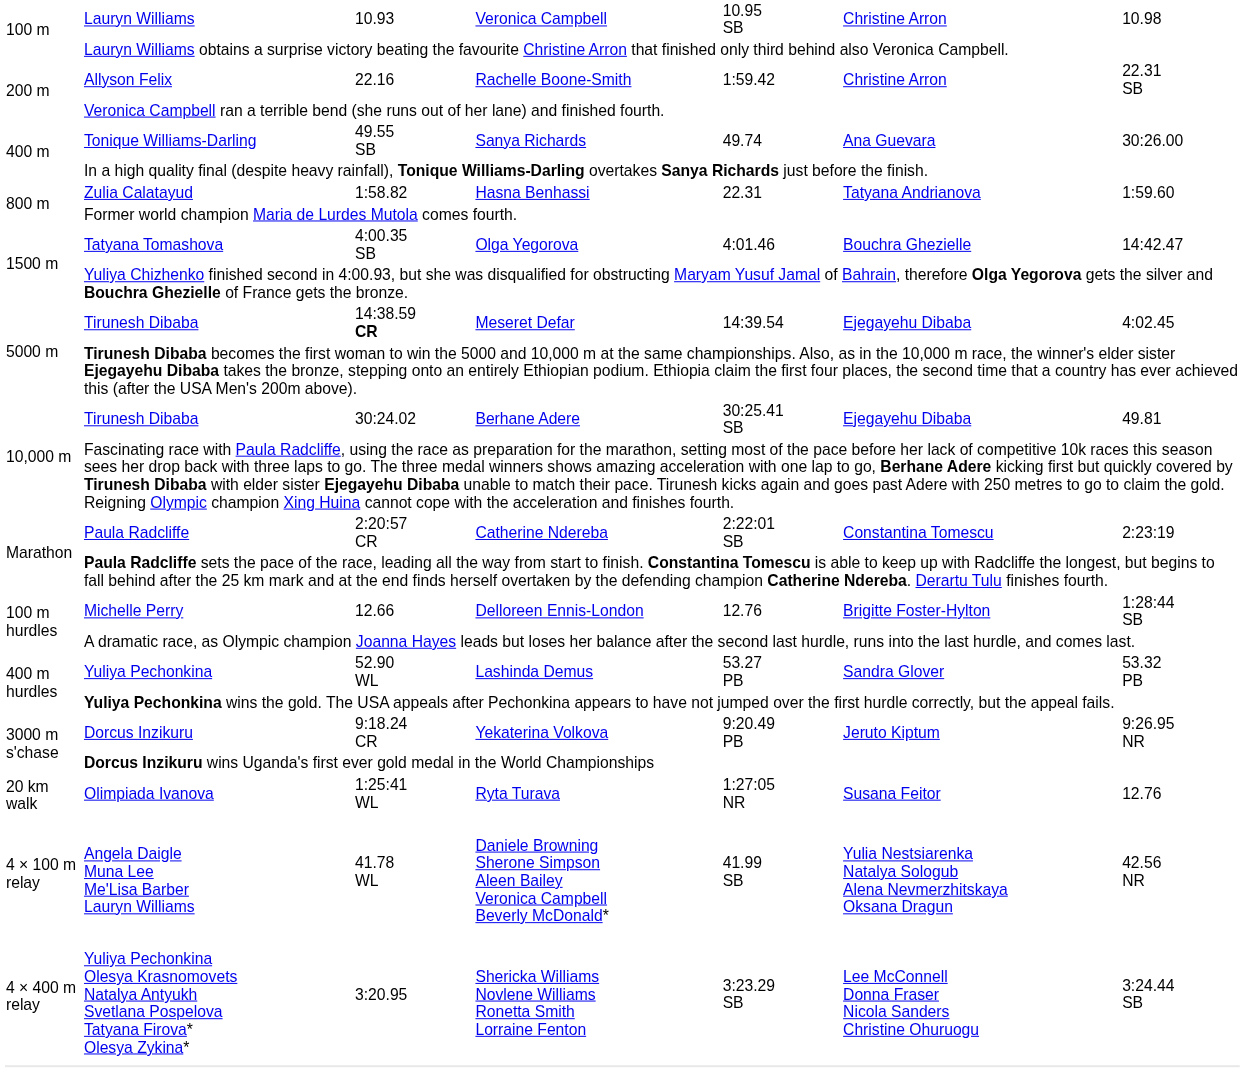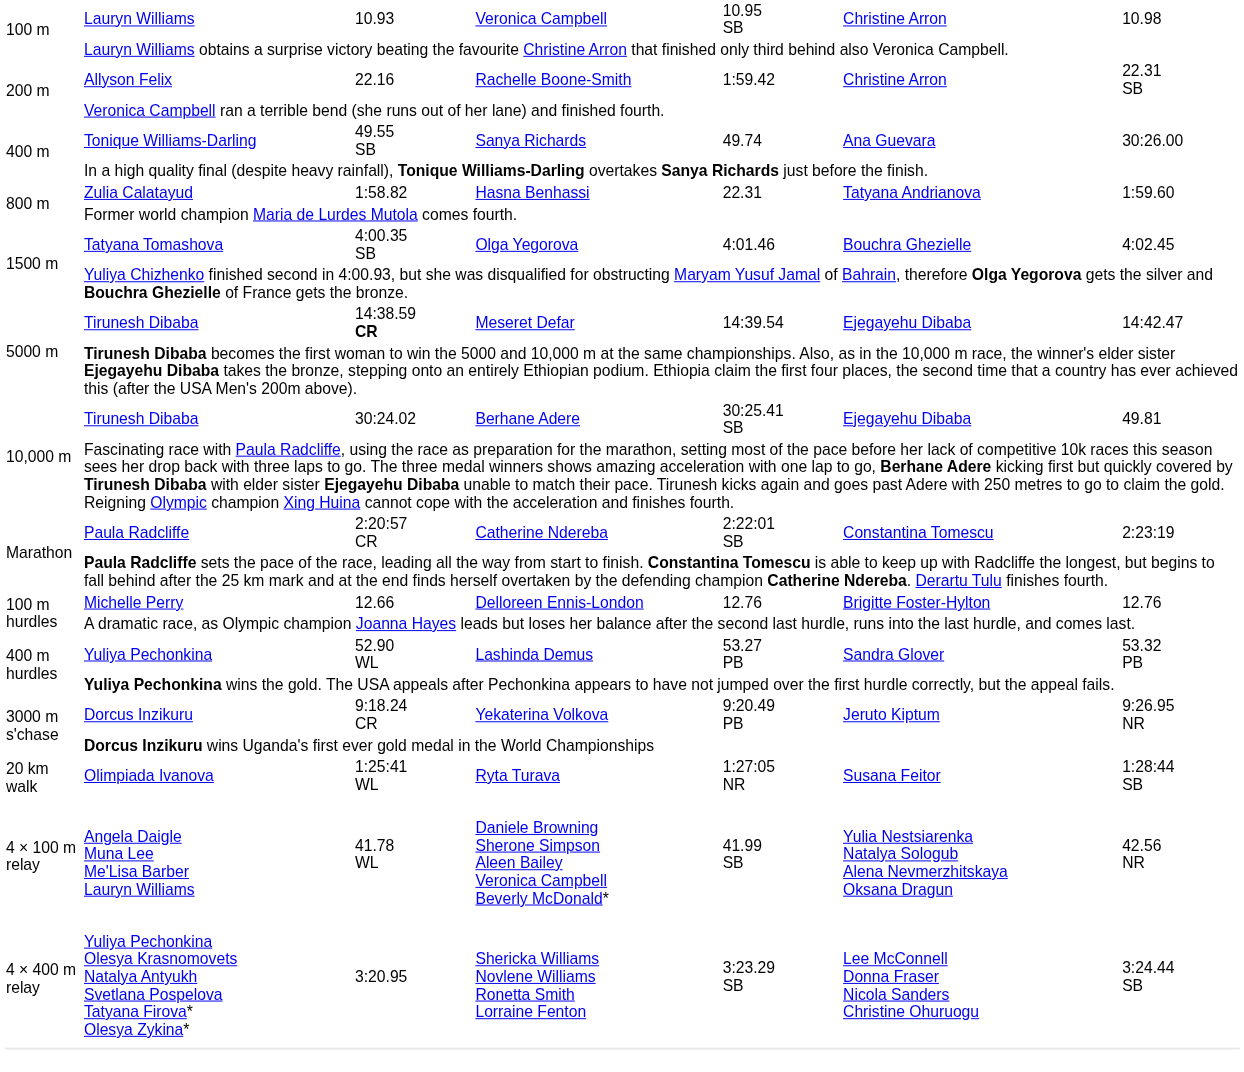 <table>
 <tr>
 <td rowspan=2>100 m<br></td>
 <td><a href='#'>Lauryn Williams</a><br></td>
 <td>10.93</td>
 <td><a href='#'>Veronica Campbell</a><br></td>
 <td>10.95<br>SB</td>
 <td><a href='#'>Christine Arron</a><br></td>
 <td>10.98</td>
 </tr>
 <tr>
 <td colspan=6><a href='#'>Lauryn Williams</a> obtains a surprise victory beating the favourite <a href='#'>Christine Arron</a> that finished only third behind also Veronica Campbell.</td>
 </tr>
 <tr>
 <td rowspan=2>200 m<br></td>
 <td><a href='#'>Allyson Felix</a><br></td>
 <td>22.16</td>
 <td><a href='#'>Rachelle Boone-Smith</a><br></td>
 <td>1:59.42</td>
 <td><a href='#'>Christine Arron</a><br></td>
 <td>22.31<br>SB</td>
 </tr>
 <tr>
 <td colspan=6><a href='#'>Veronica Campbell</a> ran a terrible bend (she runs out of her lane) and finished fourth.</td>
 </tr>
 <tr>
 <td rowspan=2>400 m<br></td>
 <td><a href='#'>Tonique Williams-Darling</a><br></td>
 <td>49.55<br>SB</td>
 <td><a href='#'>Sanya Richards</a><br></td>
 <td>49.74</td>
 <td><a href='#'>Ana Guevara</a><br></td>
 <td>30:26.00</td>
 </tr>
 <tr>
 <td colspan=6>In a high quality final (despite heavy rainfall), <strong>Tonique Williams-Darling</strong> overtakes <strong>Sanya Richards</strong> just before the finish.</td>
 </tr>
 <tr>
 <td rowspan=2>800 m<br></td>
 <td><a href='#'>Zulia Calatayud</a><br></td>
 <td>1:58.82</td>
 <td><a href='#'>Hasna Benhassi</a><br></td>
 <td>22.31</td>
 <td><a href='#'>Tatyana Andrianova</a><br></td>
 <td>1:59.60</td>
 </tr>
 <tr>
 <td colspan=6>Former world champion <a href='#'>Maria de Lurdes Mutola</a> comes fourth.</td>
 </tr>
 <tr>
 <td rowspan=2>1500 m<br></td>
 <td><a href='#'>Tatyana Tomashova</a><br></td>
 <td>4:00.35<br>SB</td>
 <td><a href='#'>Olga Yegorova</a><br></td>
 <td>4:01.46</td>
 <td><a href='#'>Bouchra Ghezielle</a><br></td>
-<td>14:42.47</td>
+<td>4:02.45</td>
 </tr>
 <tr>
 <td colspan=6><a href='#'>Yuliya Chizhenko</a> finished second in 4:00.93, but she was disqualified for obstructing <a href='#'>Maryam Yusuf Jamal</a> of <a href='#'>Bahrain</a>, therefore <strong>Olga Yegorova</strong> gets the silver and <strong>Bouchra Ghezielle</strong> of France gets the bronze.</td>
 </tr>
 <tr>
 <td rowspan=2>5000 m<br></td>
 <td><a href='#'>Tirunesh Dibaba</a><br></td>
 <td>14:38.59<br><strong>CR</strong></td>
 <td><a href='#'>Meseret Defar</a><br></td>
 <td>14:39.54</td>
 <td><a href='#'>Ejegayehu Dibaba</a><br></td>
-<td>4:02.45</td>
+<td>14:42.47</td>
 </tr>
 <tr>
 <td colspan=6><strong>Tirunesh Dibaba</strong> becomes the first woman to win the 5000 and 10,000 m at the same championships. Also, as in the 10,000 m race, the winner's elder sister <strong>Ejegayehu Dibaba</strong> takes the bronze, stepping onto an entirely Ethiopian podium. Ethiopia claim the first four places, the second time that a country has ever achieved this (after the USA Men's 200m above).</td>
 </tr>
 <tr>
 <td rowspan=2>10,000 m<br></td>
 <td><a href='#'>Tirunesh Dibaba</a><br></td>
 <td>30:24.02</td>
 <td><a href='#'>Berhane Adere</a><br></td>
 <td>30:25.41<br>SB</td>
 <td><a href='#'>Ejegayehu Dibaba</a><br></td>
 <td>49.81</td>
 </tr>
 <tr>
 <td colspan=6>Fascinating race with <a href='#'>Paula Radcliffe</a>, using the race as preparation for the marathon, setting most of the pace before her lack of competitive 10k races this season sees her drop back with three laps to go. The three medal winners shows amazing acceleration with one lap to go, <strong>Berhane Adere</strong> kicking first but quickly covered by <strong>Tirunesh Dibaba</strong> with elder sister <strong>Ejegayehu Dibaba</strong> unable to match their pace. Tirunesh kicks again and goes past Adere with 250 metres to go to claim the gold. Reigning <a href='#'>Olympic</a> champion <a href='#'>Xing Huina</a> cannot cope with the acceleration and finishes fourth.</td>
 </tr>
 <tr>
 <td rowspan=2>Marathon<br></td>
 <td><a href='#'>Paula Radcliffe</a><br></td>
 <td>2:20:57<br>CR</td>
 <td><a href='#'>Catherine Ndereba</a><br></td>
 <td>2:22:01<br>SB</td>
 <td><a href='#'>Constantina Tomescu</a><br></td>
 <td>2:23:19</td>
 </tr>
 <tr>
 <td colspan=6><strong>Paula Radcliffe</strong> sets the pace of the race, leading all the way from start to finish. <strong>Constantina Tomescu</strong> is able to keep up with Radcliffe the longest, but begins to fall behind after the 25 km mark and at the end finds herself overtaken by the defending champion <strong>Catherine Ndereba</strong>. <a href='#'>Derartu Tulu</a> finishes fourth.</td>
 </tr>
 <tr>
 <td rowspan=2>100 m hurdles<br></td>
 <td><a href='#'>Michelle Perry</a><br></td>
 <td>12.66</td>
 <td><a href='#'>Delloreen Ennis-London</a><br></td>
 <td>12.76</td>
 <td><a href='#'>Brigitte Foster-Hylton</a><br></td>
-<td>1:28:44<br>SB</td>
+<td>12.76</td>
 </tr>
 <tr>
 <td colspan=6>A dramatic race, as Olympic champion <a href='#'>Joanna Hayes</a> leads but loses her balance after the second last hurdle, runs into the last hurdle, and comes last.</td>
 </tr>
 <tr>
 <td rowspan=2>400 m hurdles<br></td>
 <td><a href='#'>Yuliya Pechonkina</a><br></td>
 <td>52.90<br>WL</td>
 <td><a href='#'>Lashinda Demus</a><br></td>
 <td>53.27<br>PB</td>
 <td><a href='#'>Sandra Glover</a><br></td>
 <td>53.32<br>PB</td>
 </tr>
 <tr>
 <td colspan=6><strong>Yuliya Pechonkina</strong> wins the gold. The USA appeals after Pechonkina appears to have not jumped over the first hurdle correctly, but the appeal fails.</td>
 </tr>
 <tr>
 <td rowspan=2>3000 m s'chase<br></td>
 <td><a href='#'>Dorcus Inzikuru</a><br></td>
 <td>9:18.24<br>CR</td>
 <td><a href='#'>Yekaterina Volkova</a><br></td>
 <td>9:20.49<br>PB</td>
 <td><a href='#'>Jeruto Kiptum</a><br></td>
 <td>9:26.95<br>NR</td>
 </tr>
 <tr>
 <td colspan=6><strong>Dorcus Inzikuru</strong> wins Uganda's first ever gold medal in the World Championships</td>
 </tr>
 <tr>
 <td rowspan=2>20 km walk<br></td>
 <td><a href='#'>Olimpiada Ivanova</a> <br></td>
 <td>1:25:41<br>WL</td>
 <td><a href='#'>Ryta Turava</a> <br></td>
 <td>1:27:05<br>NR</td>
 <td><a href='#'>Susana Feitor</a> <br></td>
-<td>12.76</td>
+<td>1:28:44<br>SB</td>
 </tr>
 <tr>
 <td colspan=6></td>
 </tr>
 <tr>
 <td rowspan=2>4 × 100 m relay<br></td>
 <td><br><a href='#'>Angela Daigle</a><br><a href='#'>Muna Lee</a><br><a href='#'>Me'Lisa Barber</a><br><a href='#'>Lauryn Williams</a></td>
 <td>41.78<br>WL</td>
 <td><br><a href='#'>Daniele Browning</a><br><a href='#'>Sherone Simpson</a><br><a href='#'>Aleen Bailey</a><br><a href='#'>Veronica Campbell</a><br><a href='#'>Beverly McDonald</a>*</td>
 <td>41.99<br>SB</td>
 <td><br><a href='#'>Yulia Nestsiarenka</a><br><a href='#'>Natalya Sologub</a><br><a href='#'>Alena Nevmerzhitskaya</a><br><a href='#'>Oksana Dragun</a></td>
 <td>42.56<br>NR</td>
 </tr>
 <tr>
 <td colspan=6></td>
 </tr>
 <tr>
 <td rowspan=2>4 × 400 m relay<br></td>
 <td><br><a href='#'>Yuliya Pechonkina</a><br><a href='#'>Olesya Krasnomovets</a><br><a href='#'>Natalya Antyukh</a><br><a href='#'>Svetlana Pospelova</a><br><a href='#'>Tatyana Firova</a>*<br><a href='#'>Olesya Zykina</a>*</td>
 <td>3:20.95</td>
 <td><br><a href='#'>Shericka Williams</a><br><a href='#'>Novlene Williams</a><br><a href='#'>Ronetta Smith</a><br><a href='#'>Lorraine Fenton</a></td>
 <td>3:23.29<br>SB</td>
 <td><br><a href='#'>Lee McConnell</a><br><a href='#'>Donna Fraser</a><br><a href='#'>Nicola Sanders</a><br><a href='#'>Christine Ohuruogu</a></td>
 <td>3:24.44<br>SB</td>
 </tr>
 <tr>
 <td colspan=6></td>
 </tr>
 <tr>
 </tr>
 <tr bgcolor= e8e8e8>
 <td colspan=7></td>
 </tr>
 </table>
